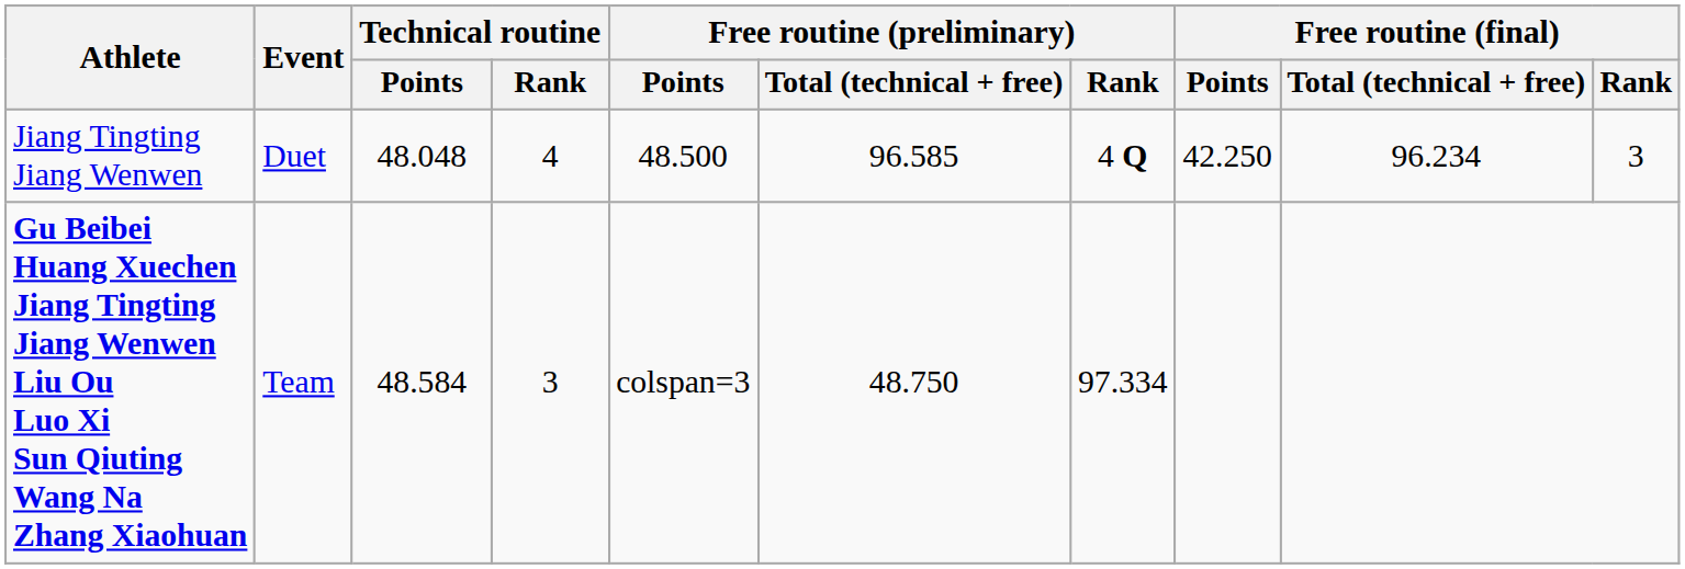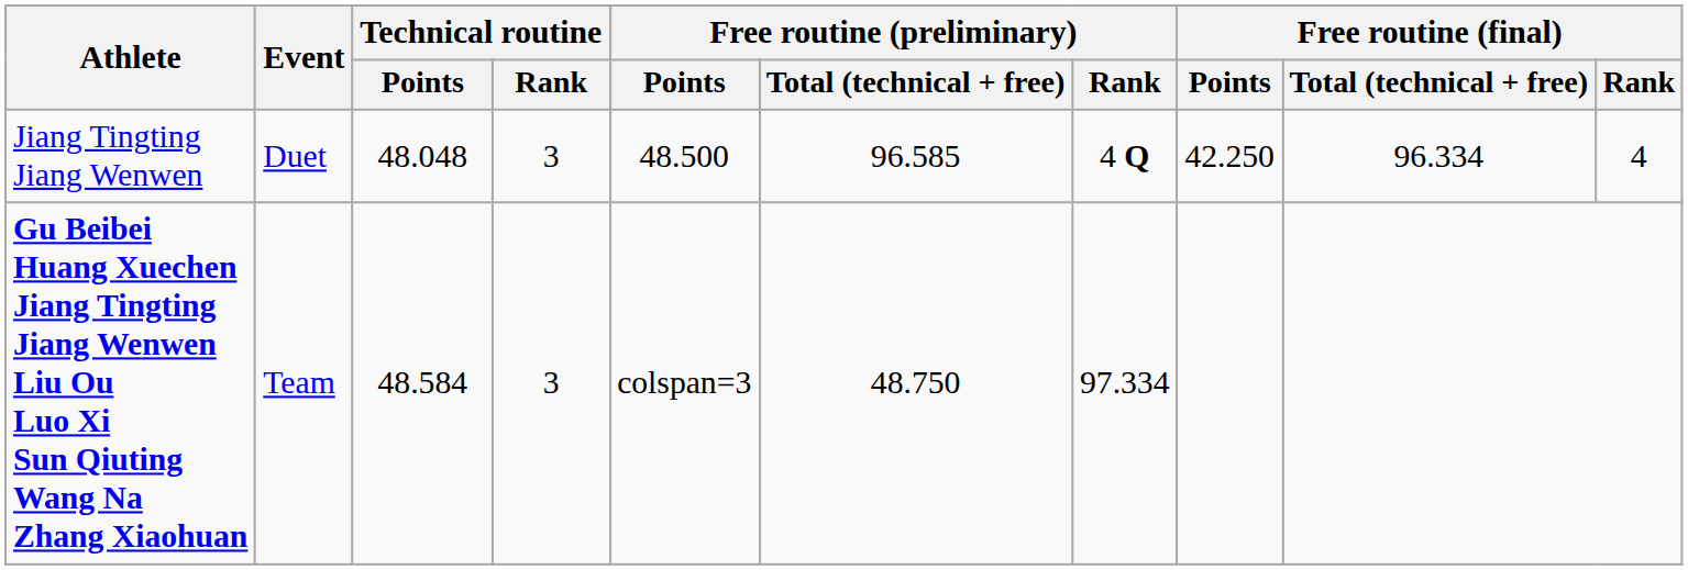 <table class="wikitable" style="font-size:90%">
 <tr>
 <th rowspan="2">Athlete</th>
 <th rowspan="2">Event</th>
 <th colspan=2>Technical routine</th>
 <th colspan=3>Free routine (preliminary)</th>
 <th colspan=3>Free routine (final)</th>
 </tr>
 <tr style="font-size:95%">
 <th>Points</th>
 <th>Rank</th>
 <th>Points</th>
 <th>Total (technical + free)</th>
 <th>Rank</th>
 <th>Points</th>
 <th>Total (technical + free)</th>
 <th>Rank</th>
 </tr>
 <tr align=center>
 <td align=left><a href='#'>Jiang Tingting</a><br><a href='#'>Jiang Wenwen</a></td>
 <td align=left><a href='#'>Duet</a></td>
 <td>48.048</td>
-<td>4</td>
+<td>3</td>
 <td>48.500</td>
 <td>96.585</td>
 <td>4 <strong>Q</strong></td>
 <td>42.250</td>
-<td>96.234</td>
-<td>3</td>
+<td>96.334</td>
+<td>4</td>
 </tr>
 <tr align=center>
 <td align=left><strong><a href='#'>Gu Beibei</a><br><a href='#'>Huang Xuechen</a><br><a href='#'>Jiang Tingting</a><br><a href='#'>Jiang Wenwen</a><br><a href='#'>Liu Ou</a><br><a href='#'>Luo Xi</a><br><a href='#'>Sun Qiuting</a><br> <a href='#'>Wang Na</a><br><a href='#'>Zhang Xiaohuan</a></strong></td>
 <td align=left><a href='#'>Team</a></td>
 <td>48.584</td>
 <td>3</td>
 <td>colspan=3 </td>
 <td>48.750</td>
 <td>97.334</td>
 <td></td>
 </tr>
 </table>
